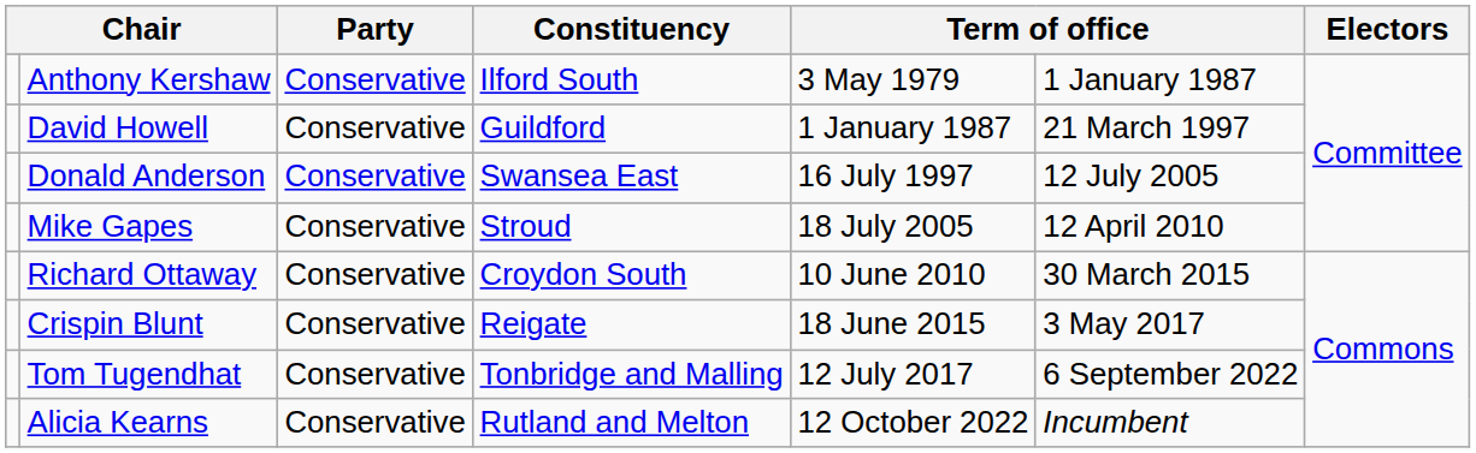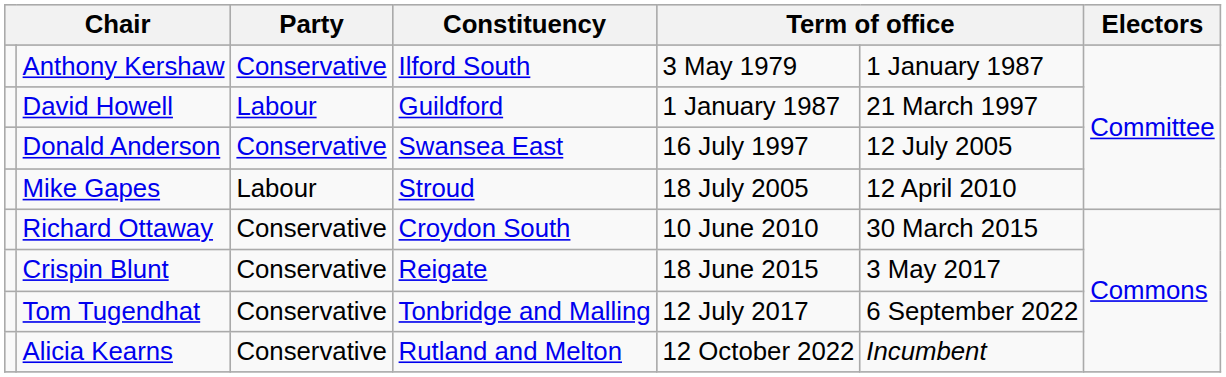 <table class="wikitable">
 <tr>
 <th colspan="2">Chair</th>
 <th>Party</th>
 <th>Constituency</th>
 <th colspan="2">Term of office</th>
 <th>Electors</th>
 </tr>
 <tr>
 <td style="color:inherit;background-color: "></td>
 <td><a href='#'>Anthony Kershaw</a></td>
 <td><a href='#'>Conservative</a></td>
 <td><a href='#'>Ilford South</a></td>
 <td>3 May 1979</td>
 <td>1 January 1987</td>
 <td rowspan="4"><a href='#'>Committee</a></td>
 </tr>
 <tr>
 <td style="color:inherit;background-color: "></td>
 <td><a href='#'>David Howell</a></td>
-<td>Conservative</td>
+<td><a href='#'>Labour</a></td>
 <td><a href='#'>Guildford</a></td>
 <td>1 January 1987</td>
 <td>21 March 1997</td>
 </tr>
 <tr>
 <td style="color:inherit;background-color: "></td>
 <td><a href='#'>Donald Anderson</a></td>
 <td><a href='#'>Conservative</a></td>
 <td><a href='#'>Swansea East</a></td>
 <td>16 July 1997</td>
 <td>12 July 2005</td>
 </tr>
 <tr>
 <td style="color:inherit;background-color: "></td>
 <td><a href='#'>Mike Gapes</a></td>
-<td>Conservative</td>
+<td>Labour</td>
 <td><a href='#'>Stroud</a></td>
 <td>18 July 2005</td>
 <td>12 April 2010</td>
 </tr>
 <tr>
 <td style="color:inherit;background-color: "></td>
 <td><a href='#'>Richard Ottaway</a></td>
 <td>Conservative</td>
 <td><a href='#'>Croydon South</a></td>
 <td>10 June 2010</td>
 <td>30 March 2015</td>
 <td rowspan="4"><a href='#'>Commons</a></td>
 </tr>
 <tr>
 <td style="color:inherit;background-color: "></td>
 <td><a href='#'>Crispin Blunt</a></td>
 <td>Conservative</td>
 <td><a href='#'>Reigate</a></td>
 <td>18 June 2015</td>
 <td>3 May 2017</td>
 </tr>
 <tr>
 <td style="color:inherit;background-color: "></td>
 <td><a href='#'>Tom Tugendhat</a></td>
 <td>Conservative</td>
 <td><a href='#'>Tonbridge and Malling</a></td>
 <td>12 July 2017</td>
 <td>6 September 2022</td>
 </tr>
 <tr>
 <td style="color:inherit;background-color: "></td>
 <td><a href='#'>Alicia Kearns</a></td>
 <td>Conservative</td>
 <td><a href='#'>Rutland and Melton</a></td>
 <td>12 October 2022</td>
 <td><em>Incumbent</em></td>
 </tr>
 </table>
